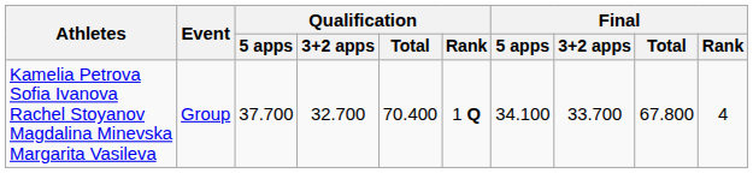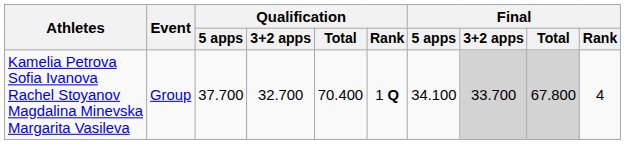 <table class="wikitable" style="font-size:90%">
 <tr>
 <th rowspan="2">Athletes</th>
 <th rowspan="2">Event</th>
 <th colspan="4">Qualification</th>
 <th colspan="4">Final</th>
 </tr>
 <tr style="font-size:95%">
 <th>5 apps</th>
 <th>3+2 apps</th>
 <th>Total</th>
 <th>Rank</th>
 <th>5 apps</th>
 <th>3+2 apps</th>
 <th>Total</th>
 <th>Rank</th>
 </tr>
 <tr align=center>
 <td align=left><a href='#'>Kamelia Petrova</a><br><a href='#'>Sofia Ivanova</a><br><a href='#'>Rachel Stoyanov</a><br><a href='#'>Magdalina Minevska</a><br><a href='#'>Margarita Vasileva</a></td>
 <td align=left><a href='#'>Group</a></td>
 <td>37.700</td>
 <td>32.700</td>
 <td>70.400</td>
 <td>1 <strong>Q</strong></td>
 <td>34.100</td>
-<td>33.700</td>
-<td>67.800</td>
+<td style="background: lightgrey;">33.700</td>
+<td style="background: lightgrey;">67.800</td>
 <td>4</td>
 </tr>
 </table>
